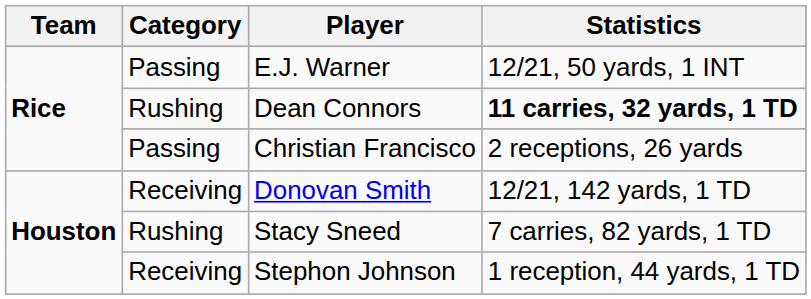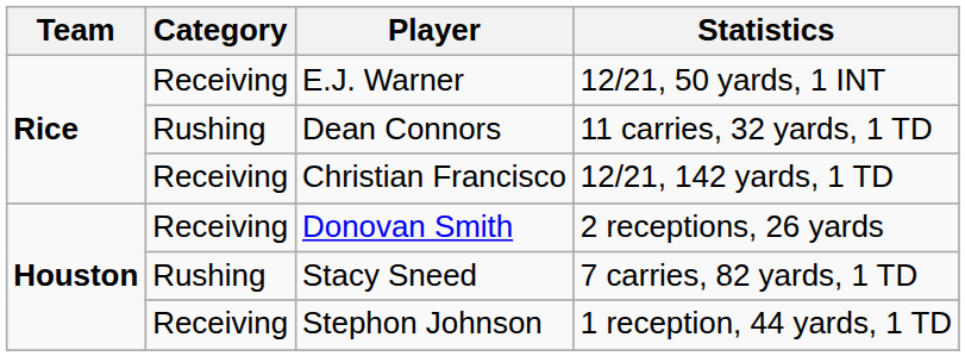 <table class="wikitable" style="float: right;">
 <tr>
 <th>Team</th>
 <th>Category</th>
 <th>Player</th>
 <th>Statistics</th>
 </tr>
 <tr>
 <td rowspan=3><strong>Rice</strong></td>
-<td>Passing</td>
+<td>Receiving</td>
 <td>E.J. Warner</td>
 <td>12/21, 50 yards, 1 INT</td>
 </tr>
 <tr>
 <td>Rushing</td>
 <td>Dean Connors</td>
-<td><strong>11 carries, 32 yards, 1 TD</strong></td>
+<td>11 carries, 32 yards, 1 TD</td>
 </tr>
 <tr>
-<td>Passing</td>
+<td>Receiving</td>
 <td>Christian Francisco</td>
-<td>2 receptions, 26 yards</td>
+<td>12/21, 142 yards, 1 TD</td>
 </tr>
 <tr>
 <td rowspan=3><strong>Houston</strong></td>
 <td>Receiving</td>
 <td><a href='#'>Donovan Smith</a></td>
-<td>12/21, 142 yards, 1 TD</td>
+<td>2 receptions, 26 yards</td>
 </tr>
 <tr>
 <td>Rushing</td>
 <td>Stacy Sneed</td>
 <td>7 carries, 82 yards, 1 TD</td>
 </tr>
 <tr>
 <td>Receiving</td>
 <td>Stephon Johnson</td>
 <td>1 reception, 44 yards, 1 TD</td>
 </tr>
 </table>
